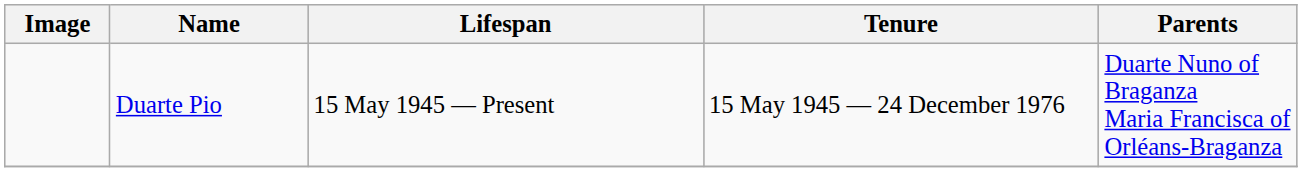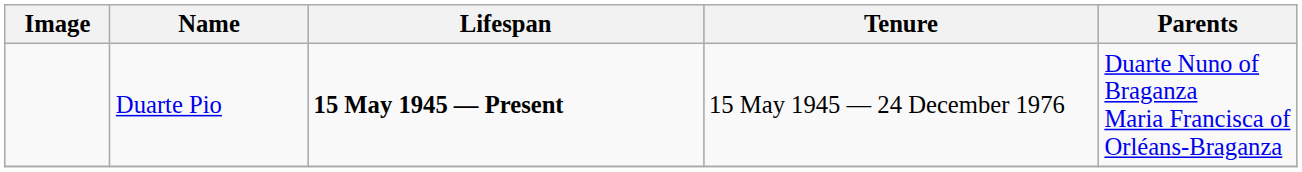 <table class="wikitable" width="95%">
 <tr>
 <th width = "8%">Image</th>
 <th width = "15%">Name</th>
 <th width = "30%">Lifespan</th>
 <th width = "30%">Tenure</th>
 <th width = "15%">Parents</th>
 </tr>
 <tr>
 <td></td>
 <td><a href='#'>Duarte Pio</a></td>
-<td>15 May 1945 — Present</td>
+<td><strong>15 May 1945 — Present</strong></td>
 <td>15 May 1945 — 24 December 1976</td>
 <td><a href='#'>Duarte Nuno of Braganza</a> <br> <a href='#'>Maria Francisca of Orléans-Braganza</a></td>
 </tr>
 <tr>
 </tr>
 </table>
